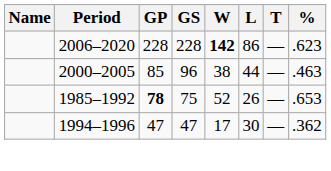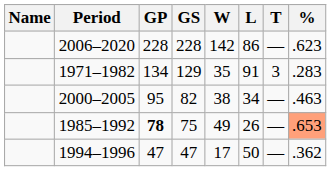 <table class="wikitable sortable" style="text-align:center">
 <tr>
 <th scope="col">Name</th>
 <th scope="col">Period</th>
 <th scope="col">GP</th>
 <th scope="col">GS</th>
 <th scope="col">W</th>
 <th scope="col">L</th>
 <th scope="col">T</th>
 <th scope="col">%</th>
 </tr>
 <tr>
 <td></td>
 <td>2006–2020</td>
 <td>228</td>
 <td>228</td>
-<td><strong>142</strong></td>
+<td>142</td>
 <td>86</td>
 <td>—</td>
 <td>.623</td>
 </tr>
 <tr>
 <td></td>
+<td>1971–1982</td>
+<td>134</td>
+<td>129</td>
+<td>35</td>
+<td>91</td>
+<td>3</td>
+<td>.283</td>
+</tr>
+<tr>
+<td></td>
 <td>2000–2005</td>
-<td>85</td>
-<td>96</td>
+<td>95</td>
+<td>82</td>
 <td>38</td>
-<td>44</td>
+<td>34</td>
 <td>—</td>
 <td>.463</td>
 </tr>
 <tr>
 <td></td>
 <td>1985–1992</td>
 <td><strong>78</strong></td>
 <td>75</td>
-<td>52</td>
+<td>49</td>
 <td>26</td>
 <td>—</td>
-<td>.653</td>
+<td style="background: lightsalmon;">.653</td>
 </tr>
 <tr>
 <td></td>
 <td>1994–1996</td>
 <td>47</td>
 <td>47</td>
 <td>17</td>
-<td>30</td>
+<td>50</td>
 <td>—</td>
 <td>.362</td>
 </tr>
 </table>
